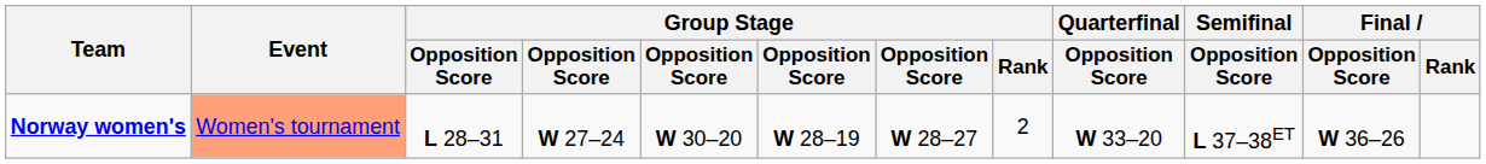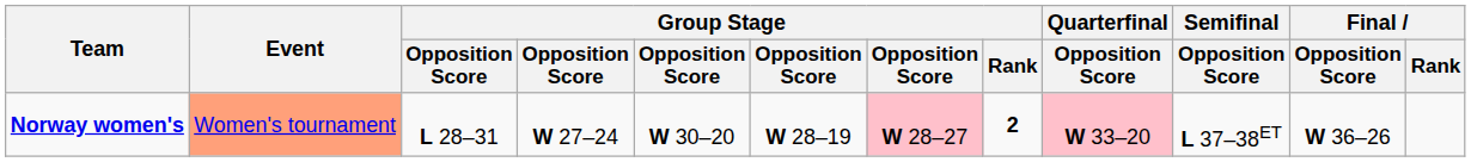 <table class="wikitable" style="font-size:90%">
 <tr>
 <th rowspan=2>Team</th>
 <th rowspan=2>Event</th>
 <th colspan=6>Group Stage</th>
 <th>Quarterfinal</th>
 <th>Semifinal</th>
 <th colspan=2>Final / </th>
 </tr>
 <tr style="font-size:95%">
 <th>Opposition<br>Score</th>
 <th>Opposition<br>Score</th>
 <th>Opposition<br>Score</th>
 <th>Opposition<br>Score</th>
 <th>Opposition<br>Score</th>
 <th>Rank</th>
 <th>Opposition<br>Score</th>
 <th>Opposition<br>Score</th>
 <th>Opposition<br>Score</th>
 <th>Rank</th>
 </tr>
 <tr align=center>
 <td align=left><strong><a href='#'>Norway women's</a></strong></td>
 <td align=left style="background: lightsalmon;"><a href='#'>Women's tournament</a></td>
 <td><br><strong>L</strong> 28–31</td>
 <td><br><strong>W</strong> 27–24</td>
 <td><br><strong>W</strong> 30–20</td>
 <td><br><strong>W</strong> 28–19</td>
-<td><br><strong>W</strong> 28–27</td>
-<td>2</td>
-<td><br><strong>W</strong> 33–20</td>
+<td style="background: pink;"><br><strong>W</strong> 28–27</td>
+<td><strong>2</strong></td>
+<td style="background: pink;"><br><strong>W</strong> 33–20</td>
 <td><br><strong>L</strong> 37–38<sup>ET</sup></td>
 <td><br><strong>W</strong> 36–26</td>
 <td></td>
 </tr>
 </table>
